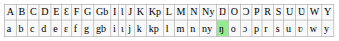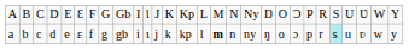 <table class="wikitable">
 <tr>
 <td>A</td>
 <td>B</td>
 <td>C</td>
 <td>D</td>
 <td>E</td>
 <td>Ɛ</td>
 <td>F</td>
 <td>G</td>
 <td>Gb</td>
 <td>I</td>
 <td>Ɩ</td>
 <td>J</td>
 <td>K</td>
 <td>Kp</td>
 <td>L</td>
 <td>M</td>
 <td>N</td>
 <td>Ny</td>
 <td>Ŋ</td>
 <td>O</td>
 <td>Ɔ</td>
 <td>P</td>
 <td>R</td>
 <td>S</td>
 <td>U</td>
 <td>Ʋ</td>
 <td>W</td>
 <td>Y</td>
 </tr>
 <tr>
 <td>a</td>
 <td>b</td>
 <td>c</td>
 <td>d</td>
 <td>e</td>
 <td>ɛ</td>
 <td>f</td>
 <td>g</td>
 <td>gb</td>
 <td>i</td>
 <td>ɩ</td>
 <td>j</td>
 <td>k</td>
 <td>kp</td>
 <td>l</td>
-<td>m</td>
+<td><strong>m</strong></td>
 <td>n</td>
 <td>ny</td>
-<td style="background: lightgreen;">ŋ</td>
+<td>ŋ</td>
 <td>o</td>
 <td>ɔ</td>
 <td>p</td>
 <td>r</td>
-<td>s</td>
+<td style="background: paleturquoise;">s</td>
 <td>u</td>
 <td>ʋ</td>
 <td>w</td>
 <td>y</td>
 </tr>
 </table>
